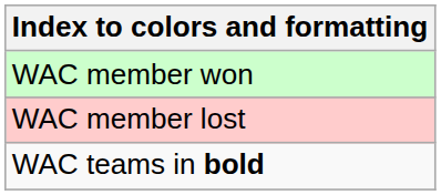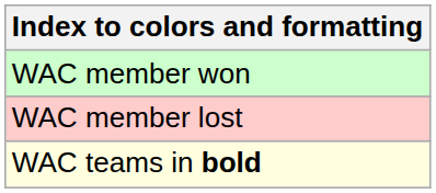 <table class="wikitable">
 <tr>
 <th>Index to colors and formatting</th>
 </tr>
 <tr style="background:#cfc;">
 <td>WAC member won</td>
 </tr>
 <tr style="background:#fcc;">
 <td>WAC member lost</td>
 </tr>
 <tr>
-<td>WAC teams in <strong>bold</strong></td>
+<td style="background: lightyellow;">WAC teams in <strong>bold</strong></td>
 </tr>
 </table>
